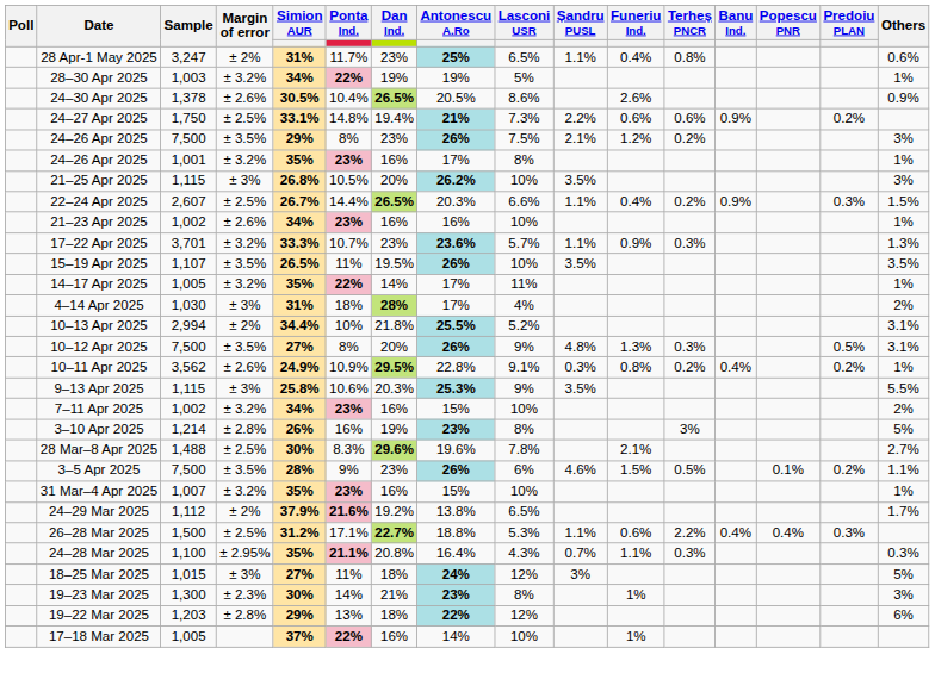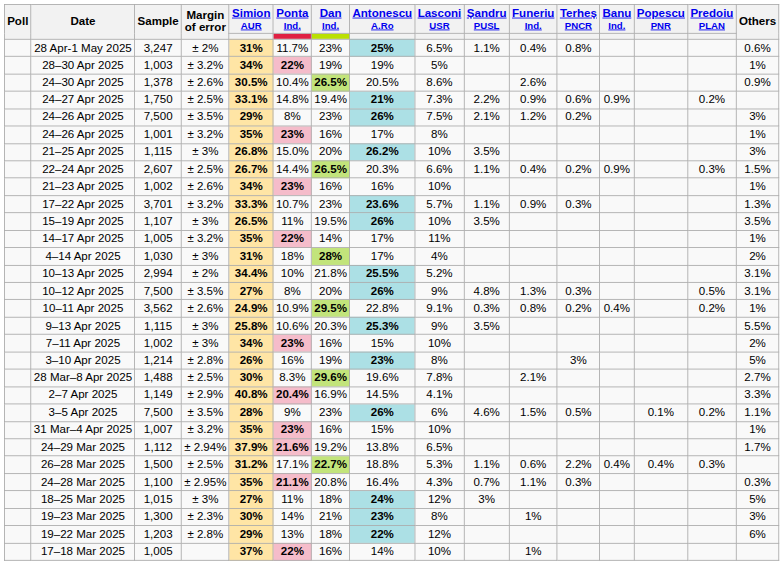 <table class="wikitable" style="text-align:center;font-size:85%;line-height:14px;">
 <tr>
 <th rowspan="2">Poll</th>
 <th rowspan="2">Date</th>
 <th rowspan="2" style="width:35px;">Sample</th>
 <th rowspan="2" style="width:35px;">Margin of error</th>
 <th class="unsortable" style="width:20px;"><a href='#'>Simion</a><br><small><a href='#'>AUR</a></small></th>
 <th class="unsortable" style="width:20px;"><a href='#'>Ponta</a><br><small><a href='#'>Ind.</a></small></th>
 <th class="unsortable" style="width:20px;"><a href='#'>Dan</a><br><small><a href='#'>Ind.</a></small></th>
 <th class="unsortable" style="width:20px;"><a href='#'>Antonescu</a><br><small><a href='#'>A.Ro</a></small></th>
 <th class="unsortable" style="width:20px;"><a href='#'>Lasconi</a><br><small><a href='#'>USR</a></small></th>
 <th class="unsortable" style="width:20px;"><a href='#'>Șandru</a><br><small><a href='#'>PUSL</a></small></th>
 <th class="unsortable" style="width:20px;"><a href='#'>Funeriu</a><br><small><a href='#'>Ind.</a></small></th>
 <th class="unsortable" style="width:20px;"><a href='#'>Terheș</a><br><small><a href='#'>PNCR</a></small></th>
 <th class="unsortable" style="width:20px;"><a href='#'>Banu</a><br><small><a href='#'>Ind.</a></small></th>
 <th class="unsortable" style="width:20px;"><a href='#'>Popescu</a><br><small><a href='#'>PNR</a></small></th>
 <th class="unsortable" style="width:20px;"><a href='#'>Predoiu</a><br><small><a href='#'>PLAN</a></small></th>
 <th rowspan="2" class="unsortable" style="width:20px;">Others</th>
 </tr>
 <tr>
 <th style="background:"></th>
 <th style="background:#E02043; "></th>
 <th style="background:#BAE002; "></th>
 <th style="background:"></th>
 <th style="background:"></th>
 <th style="background:"></th>
 <th style="background:"></th>
 <th style="background:"></th>
 <th style="background:"></th>
 <th style="background:"></th>
 <th style="background:"></th>
 </tr>
 <tr>
 <td></td>
 <td>28 Apr-1 May 2025</td>
 <td>3,247</td>
 <td>± 2%</td>
 <td style="background:#ffe5a5;"><strong>31%</strong></td>
 <td>11.7%</td>
 <td>23%</td>
 <td style="background:#ACE0E5;"><strong>25%</strong></td>
 <td>6.5%</td>
 <td>1.1%</td>
 <td>0.4%</td>
 <td>0.8%</td>
 <td></td>
 <td></td>
 <td></td>
 <td>0.6%</td>
 </tr>
 <tr>
 <td></td>
 <td>28–30 Apr 2025</td>
 <td>1,003</td>
 <td>± 3.2%</td>
 <td style="background:#ffe5a5;"><strong>34%</strong></td>
 <td style="background:#f5bcca;"><strong>22%</strong></td>
 <td>19%</td>
 <td>19%</td>
 <td>5%</td>
 <td></td>
 <td></td>
 <td></td>
 <td></td>
 <td></td>
 <td></td>
 <td>1%</td>
 </tr>
 <tr>
 <td></td>
 <td>24–30 Apr 2025</td>
 <td>1,378</td>
 <td>± 2.6%</td>
 <td style="background:#ffe5a5;"><strong>30.5%</strong></td>
 <td>10.4%</td>
 <td style="background:#C2E47B;"><strong>26.5%</strong></td>
 <td>20.5%</td>
 <td>8.6%</td>
 <td></td>
 <td>2.6%</td>
 <td></td>
 <td></td>
 <td></td>
 <td></td>
 <td>0.9%</td>
 </tr>
 <tr>
 <td></td>
 <td>24–27 Apr 2025</td>
 <td>1,750</td>
 <td>± 2.5%</td>
 <td style="background:#ffe5a5;"><strong>33.1%</strong></td>
 <td>14.8%</td>
 <td>19.4%</td>
 <td style="background:#ACE0E5;"><strong>21%</strong></td>
 <td>7.3%</td>
 <td>2.2%</td>
-<td>0.6%</td>
+<td>0.9%</td>
 <td>0.6%</td>
 <td>0.9%</td>
 <td></td>
 <td>0.2%</td>
 <td></td>
 </tr>
 <tr>
 <td></td>
 <td>24–26 Apr 2025</td>
 <td>7,500</td>
 <td>± 3.5%</td>
 <td style="background:#ffe5a5;"><strong>29%</strong></td>
 <td>8%</td>
 <td>23%</td>
 <td style="background:#ACE0E5;"><strong>26%</strong></td>
 <td>7.5%</td>
 <td>2.1%</td>
 <td>1.2%</td>
 <td>0.2%</td>
 <td></td>
 <td></td>
 <td></td>
 <td>3%</td>
 </tr>
 <tr>
 <td></td>
 <td>24–26 Apr 2025</td>
 <td>1,001</td>
 <td>± 3.2%</td>
 <td style="background:#ffe5a5;"><strong>35%</strong></td>
 <td style="background:#f5bcca;"><strong>23%</strong></td>
 <td>16%</td>
 <td>17%</td>
 <td>8%</td>
 <td></td>
 <td></td>
 <td></td>
 <td></td>
 <td></td>
 <td></td>
 <td>1%</td>
 </tr>
 <tr>
 <td></td>
 <td>21–25 Apr 2025</td>
 <td>1,115</td>
 <td>± 3%</td>
 <td style="background:#ffe5a5;"><strong>26.8%</strong></td>
-<td>10.5%</td>
+<td>15.0%</td>
 <td>20%</td>
 <td style="background:#ACE0E5;"><strong>26.2%</strong></td>
 <td>10%</td>
 <td>3.5%</td>
 <td></td>
 <td></td>
 <td></td>
 <td></td>
 <td></td>
 <td>3%</td>
 </tr>
 <tr>
 <td></td>
 <td>22–24 Apr 2025</td>
 <td>2,607</td>
 <td>± 2.5%</td>
 <td style="background:#ffe5a5;"><strong>26.7%</strong></td>
 <td>14.4%</td>
 <td style="background:#C2E47B;"><strong>26.5%</strong></td>
 <td>20.3%</td>
 <td>6.6%</td>
 <td>1.1%</td>
 <td>0.4%</td>
 <td>0.2%</td>
 <td>0.9%</td>
 <td></td>
 <td>0.3%</td>
 <td>1.5%</td>
 </tr>
 <tr>
 <td></td>
 <td>21–23 Apr 2025</td>
 <td>1,002</td>
 <td>± 2.6%</td>
 <td style="background:#ffe5a5;"><strong>34%</strong></td>
 <td style="background:#f5bcca;"><strong>23%</strong></td>
 <td>16%</td>
 <td>16%</td>
 <td>10%</td>
 <td></td>
 <td></td>
 <td></td>
 <td></td>
 <td></td>
 <td></td>
 <td>1%</td>
 </tr>
 <tr>
 <td></td>
 <td>17–22 Apr 2025</td>
 <td>3,701</td>
 <td>± 3.2%</td>
 <td style="background:#ffe5a5;"><strong>33.3%</strong></td>
 <td>10.7%</td>
 <td>23%</td>
 <td style="background:#ACE0E5;"><strong>23.6%</strong></td>
 <td>5.7%</td>
 <td>1.1%</td>
 <td>0.9%</td>
 <td>0.3%</td>
 <td></td>
 <td></td>
 <td></td>
 <td>1.3%</td>
 </tr>
 <tr>
 <td></td>
 <td>15–19 Apr 2025</td>
 <td>1,107</td>
-<td>± 3.5%</td>
+<td>± 3%</td>
 <td style="background:#ffe5a5;"><strong>26.5%</strong></td>
 <td>11%</td>
 <td>19.5%</td>
 <td style="background:#ACE0E5;"><strong>26%</strong></td>
 <td>10%</td>
 <td>3.5%</td>
 <td></td>
 <td></td>
 <td></td>
 <td></td>
 <td></td>
 <td>3.5%</td>
 </tr>
 <tr>
 <td></td>
 <td>14–17 Apr 2025</td>
 <td>1,005</td>
 <td>± 3.2%</td>
 <td style="background:#ffe5a5;"><strong>35%</strong></td>
 <td style="background:#f5bcca;"><strong>22%</strong></td>
 <td>14%</td>
 <td>17%</td>
 <td>11%</td>
 <td></td>
 <td></td>
 <td></td>
 <td></td>
 <td></td>
 <td></td>
 <td>1%</td>
 </tr>
 <tr>
 <td></td>
 <td>4–14 Apr 2025</td>
 <td>1,030</td>
 <td>± 3%</td>
 <td style="background:#ffe5a5;"><strong>31%</strong></td>
 <td>18%</td>
 <td style="background:#C2E47B;"><strong>28%</strong></td>
 <td>17%</td>
 <td>4%</td>
 <td></td>
 <td></td>
 <td></td>
 <td></td>
 <td></td>
 <td></td>
 <td>2%</td>
 </tr>
 <tr>
 <td></td>
 <td>10–13 Apr 2025</td>
 <td>2,994</td>
 <td>± 2%</td>
 <td style="background:#ffe5a5;"><strong>34.4%</strong></td>
 <td>10%</td>
 <td>21.8%</td>
 <td style="background:#ACE0E5;"><strong>25.5%</strong></td>
 <td>5.2%</td>
 <td></td>
 <td></td>
 <td></td>
 <td></td>
 <td></td>
 <td></td>
 <td>3.1%</td>
 </tr>
 <tr>
 <td></td>
 <td>10–12 Apr 2025</td>
 <td>7,500</td>
 <td>± 3.5%</td>
 <td style="background:#ffe5a5;"><strong>27%</strong></td>
 <td>8%</td>
 <td>20%</td>
 <td style="background:#ACE0E5;"><strong>26%</strong></td>
 <td>9%</td>
 <td>4.8%</td>
 <td>1.3%</td>
 <td>0.3%</td>
 <td></td>
 <td></td>
 <td>0.5%</td>
 <td>3.1%</td>
 </tr>
 <tr>
 <td></td>
 <td>10–11 Apr 2025</td>
 <td>3,562</td>
 <td>± 2.6%</td>
 <td style="background:#ffe5a5;"><strong>24.9%</strong></td>
 <td>10.9%</td>
 <td style="background:#C2E47B;"><strong>29.5%</strong></td>
 <td>22.8%</td>
 <td>9.1%</td>
 <td>0.3%</td>
 <td>0.8%</td>
 <td>0.2%</td>
 <td>0.4%</td>
 <td></td>
 <td>0.2%</td>
 <td>1%</td>
 </tr>
 <tr>
 <td></td>
 <td>9–13 Apr 2025</td>
 <td>1,115</td>
 <td>± 3%</td>
 <td style="background:#ffe5a5;"><strong>25.8%</strong></td>
 <td>10.6%</td>
 <td>20.3%</td>
 <td style="background:#ACE0E5;"><strong>25.3%</strong></td>
 <td>9%</td>
 <td>3.5%</td>
 <td></td>
 <td></td>
 <td></td>
 <td></td>
 <td></td>
 <td>5.5%</td>
 </tr>
 <tr>
 <td></td>
 <td>7–11 Apr 2025</td>
 <td>1,002</td>
-<td>± 3.2%</td>
+<td>± 3%</td>
 <td style="background:#ffe5a5;"><strong>34%</strong></td>
 <td style="background:#f5bcca;"><strong>23%</strong></td>
 <td>16%</td>
 <td>15%</td>
 <td>10%</td>
 <td></td>
 <td></td>
 <td></td>
 <td></td>
 <td></td>
 <td></td>
 <td>2%</td>
 </tr>
 <tr>
 <td></td>
 <td>3–10 Apr 2025</td>
 <td>1,214</td>
 <td>± 2.8%</td>
 <td style="background:#ffe5a5;"><strong>26%</strong></td>
 <td>16%</td>
 <td>19%</td>
 <td style="background:#ACE0E5;"><strong>23%</strong></td>
 <td>8%</td>
 <td></td>
 <td></td>
 <td>3%</td>
 <td></td>
 <td></td>
 <td></td>
 <td>5%</td>
 </tr>
 <tr>
 <td></td>
 <td>28 Mar–8 Apr 2025</td>
 <td>1,488</td>
 <td>± 2.5%</td>
 <td style="background:#ffe5a5;"><strong>30%</strong></td>
 <td>8.3%</td>
 <td style="background:#C2E47B;"><strong>29.6%</strong></td>
 <td>19.6%</td>
 <td>7.8%</td>
 <td></td>
 <td>2.1%</td>
 <td></td>
 <td></td>
 <td></td>
 <td></td>
 <td>2.7%</td>
 </tr>
 <tr>
 <td></td>
+<td>2–7 Apr 2025</td>
+<td>1,149</td>
+<td>± 2.9%</td>
+<td style="background:#ffe5a5;"><strong>40.8%</strong></td>
+<td style="background:#f5bcca;"><strong>20.4%</strong></td>
+<td>16.9%</td>
+<td>14.5%</td>
+<td>4.1%</td>
+<td></td>
+<td></td>
+<td></td>
+<td></td>
+<td></td>
+<td></td>
+<td>3.3%</td>
+</tr>
+<tr>
+<td></td>
 <td>3–5 Apr 2025</td>
 <td>7,500</td>
 <td>± 3.5%</td>
 <td style="background:#ffe5a5;"><strong>28%</strong></td>
 <td>9%</td>
 <td>23%</td>
 <td style="background:#ACE0E5;"><strong>26%</strong></td>
 <td>6%</td>
 <td>4.6%</td>
 <td>1.5%</td>
 <td>0.5%</td>
 <td></td>
 <td>0.1%</td>
 <td>0.2%</td>
 <td>1.1%</td>
 </tr>
 <tr>
 <td></td>
 <td>31 Mar–4 Apr 2025</td>
 <td>1,007</td>
 <td>± 3.2%</td>
 <td style="background:#ffe5a5;"><strong>35%</strong></td>
 <td style="background:#f5bcca;"><strong>23%</strong></td>
 <td>16%</td>
 <td>15%</td>
 <td>10%</td>
 <td></td>
 <td></td>
 <td></td>
 <td></td>
 <td></td>
 <td></td>
 <td>1%</td>
 </tr>
 <tr>
 <td></td>
 <td>24–29 Mar 2025</td>
 <td>1,112</td>
-<td>± 2%</td>
+<td>± 2.94%</td>
 <td style="background:#ffe5a5;"><strong>37.9%</strong></td>
 <td style="background:#f5bcca;"><strong>21.6%</strong></td>
 <td>19.2%</td>
 <td>13.8%</td>
 <td>6.5%</td>
 <td></td>
 <td></td>
 <td></td>
 <td></td>
 <td></td>
 <td></td>
 <td>1.7%</td>
 </tr>
 <tr>
 <td></td>
 <td>26–28 Mar 2025</td>
 <td>1,500</td>
 <td>± 2.5%</td>
 <td style="background:#ffe5a5;"><strong>31.2%</strong></td>
 <td>17.1%</td>
 <td style="background:#C2E47B;"><strong>22.7%</strong></td>
 <td>18.8%</td>
 <td>5.3%</td>
 <td>1.1%</td>
 <td>0.6%</td>
 <td>2.2%</td>
 <td>0.4%</td>
 <td>0.4%</td>
 <td>0.3%</td>
 <td></td>
 </tr>
 <tr>
 <td></td>
 <td>24–28 Mar 2025</td>
 <td>1,100</td>
 <td>± 2.95%</td>
 <td style="background:#ffe5a5;"><strong>35%</strong></td>
 <td style="background:#f5bcca;"><strong>21.1%</strong></td>
 <td>20.8%</td>
 <td>16.4%</td>
 <td>4.3%</td>
 <td>0.7%</td>
 <td>1.1%</td>
 <td>0.3%</td>
 <td></td>
 <td></td>
 <td></td>
 <td>0.3%</td>
 </tr>
 <tr>
 <td></td>
 <td>18–25 Mar 2025</td>
 <td>1,015</td>
 <td>± 3%</td>
 <td style="background:#ffe5a5;"><strong>27%</strong></td>
 <td>11%</td>
 <td>18%</td>
 <td style="background:#ACE0E5;"><strong>24%</strong></td>
 <td>12%</td>
 <td>3%</td>
 <td></td>
 <td></td>
 <td></td>
 <td></td>
 <td></td>
 <td>5%</td>
 </tr>
 <tr>
 <td></td>
 <td>19–23 Mar 2025</td>
 <td>1,300</td>
 <td>± 2.3%</td>
 <td style="background:#ffe5a5;"><strong>30%</strong></td>
 <td>14%</td>
 <td>21%</td>
 <td style="background:#ACE0E5;"><strong>23%</strong></td>
 <td>8%</td>
 <td></td>
 <td>1%</td>
 <td></td>
 <td></td>
 <td></td>
 <td></td>
 <td>3%</td>
 </tr>
 <tr>
 <td></td>
 <td>19–22 Mar 2025</td>
 <td>1,203</td>
 <td>± 2.8%</td>
 <td style="background:#ffe5a5;"><strong>29%</strong></td>
 <td>13%</td>
 <td>18%</td>
 <td style="background:#ACE0E5;"><strong>22%</strong></td>
 <td>12%</td>
 <td></td>
 <td></td>
 <td></td>
 <td></td>
 <td></td>
 <td></td>
 <td>6%</td>
 </tr>
 <tr>
 <td></td>
 <td>17–18 Mar 2025</td>
 <td>1,005</td>
 <td></td>
 <td style="background:#ffe5a5;"><strong>37%</strong></td>
 <td style="background:#f5bcca;"><strong>22%</strong></td>
 <td>16%</td>
 <td>14%</td>
 <td>10%</td>
 <td></td>
 <td>1%</td>
 <td></td>
 <td></td>
 <td></td>
 <td></td>
 <td></td>
 </tr>
 </table>
